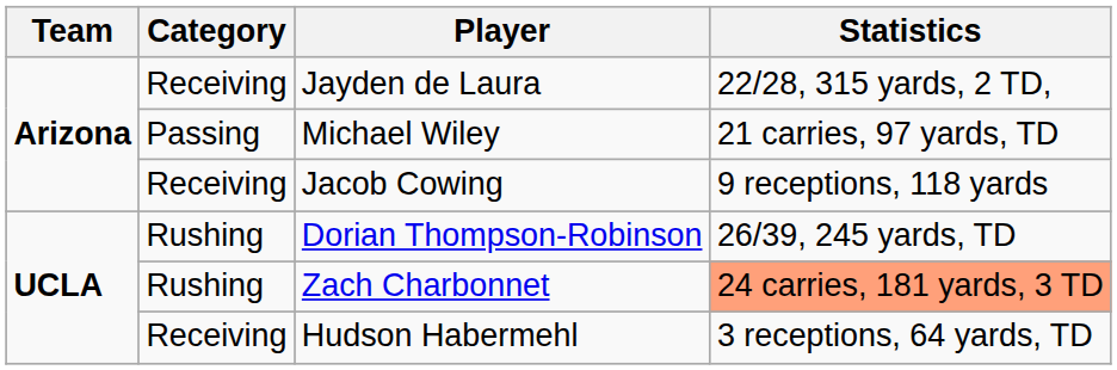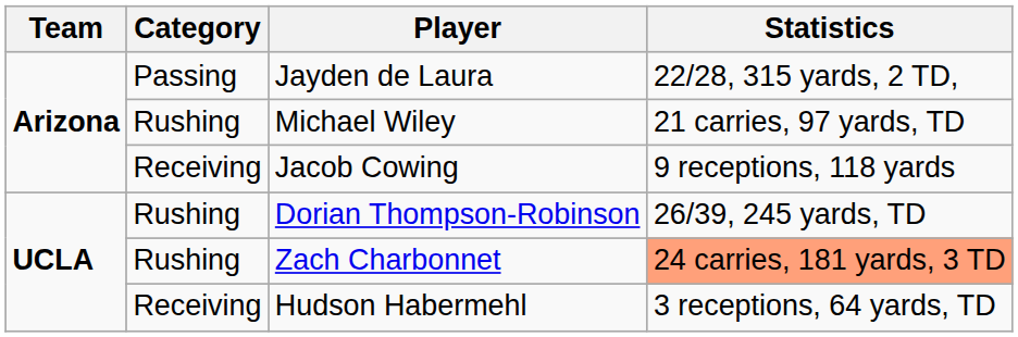 <table class="wikitable" style="float: right;">
 <tr>
 <th>Team</th>
 <th>Category</th>
 <th>Player</th>
 <th>Statistics</th>
 </tr>
 <tr>
 <td rowspan=3><strong>Arizona</strong></td>
-<td>Receiving</td>
+<td>Passing</td>
 <td>Jayden de Laura</td>
 <td>22/28, 315 yards, 2 TD,</td>
 </tr>
 <tr>
-<td>Passing</td>
+<td>Rushing</td>
 <td>Michael Wiley</td>
 <td>21 carries, 97 yards, TD</td>
 </tr>
 <tr>
 <td>Receiving</td>
 <td>Jacob Cowing</td>
 <td>9 receptions, 118 yards</td>
 </tr>
 <tr>
 <td rowspan=3><strong>UCLA</strong></td>
 <td>Rushing</td>
 <td><a href='#'>Dorian Thompson-Robinson</a></td>
 <td>26/39, 245 yards, TD</td>
 </tr>
 <tr>
 <td>Rushing</td>
 <td><a href='#'>Zach Charbonnet</a></td>
 <td style="background: lightsalmon;">24 carries, 181 yards, 3 TD</td>
 </tr>
 <tr>
 <td>Receiving</td>
 <td>Hudson Habermehl</td>
 <td>3 receptions, 64 yards, TD</td>
 </tr>
 </table>
